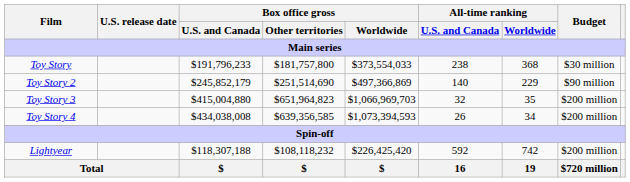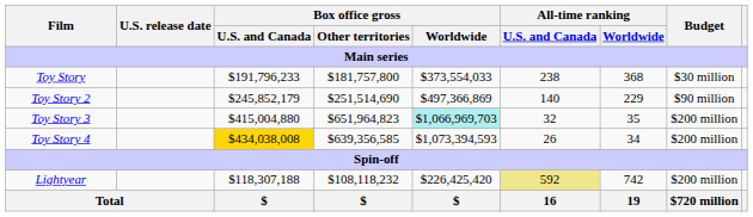 <table class="wikitable sortable" border="1" style="text-align:center;">
 <tr>
 <th width="15%" scope="col" rowspan="2">Film</th>
 <th scope="col" rowspan="2">U.S. release date</th>
 <th scope="col" colspan="3" class=sortable>Box office gross</th>
 <th scope="col" colspan="2" text="wrap" class=unsortable>All-time ranking</th>
 <th scope="col" rowspan="2">Budget</th>
 <th scope="col" rowspan="2" class=unsortable></th>
 </tr>
 <tr>
 <th>U.S. and Canada</th>
 <th>Other territories</th>
 <th>Worldwide</th>
 <th class=sortable><a href='#'>U.S. and Canada</a></th>
 <th class=sortable><a href='#'>Worldwide</a></th>
 </tr>
 <tr>
 <th colspan="9" scope="col" style="background-color:#ccccff;">Main series</th>
 </tr>
 <tr>
 <td><em><a href='#'>Toy Story</a></em></td>
 <td></td>
 <td>$191,796,233</td>
 <td>$181,757,800</td>
 <td>$373,554,033</td>
 <td>238</td>
 <td>368</td>
 <td>$30 million</td>
 <td></td>
 </tr>
 <tr>
 <td><em><a href='#'>Toy Story 2</a></em></td>
 <td></td>
 <td>$245,852,179</td>
 <td>$251,514,690</td>
 <td>$497,366,869</td>
 <td>140</td>
 <td>229</td>
 <td>$90 million</td>
 <td></td>
 </tr>
 <tr>
 <td><em><a href='#'>Toy Story 3</a></em></td>
 <td></td>
 <td>$415,004,880</td>
 <td>$651,964,823</td>
-<td>$1,066,969,703</td>
+<td style="background: paleturquoise;">$1,066,969,703</td>
 <td>32</td>
 <td>35</td>
 <td>$200 million</td>
 <td></td>
 </tr>
 <tr>
 <td><em><a href='#'>Toy Story 4</a></em></td>
 <td></td>
-<td>$434,038,008</td>
+<td style="background: gold;">$434,038,008</td>
 <td>$639,356,585</td>
 <td>$1,073,394,593</td>
 <td>26</td>
 <td>34</td>
 <td>$200 million</td>
 <td></td>
 </tr>
 <tr>
 <th colspan="9" scope="col" style="background-color:#ccccff;">Spin-off</th>
 </tr>
 <tr>
 <td><em><a href='#'>Lightyear</a></em></td>
 <td></td>
 <td>$118,307,188</td>
 <td>$108,118,232</td>
 <td>$226,425,420</td>
-<td>592</td>
+<td style="background: khaki;">592</td>
 <td>742</td>
 <td>$200 million</td>
 <td></td>
 </tr>
 <tr>
 <th colspan=2>Total</th>
 <th>$</th>
 <th>$</th>
 <th>$</th>
 <th>16</th>
 <th>19</th>
 <th>$720 million</th>
 <th></th>
 </tr>
 </table>
